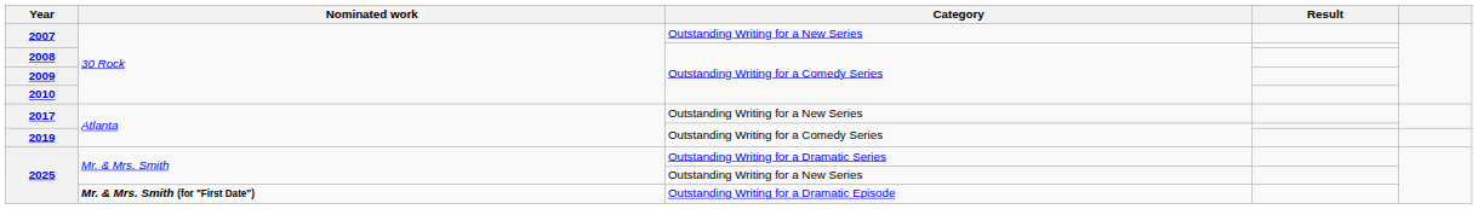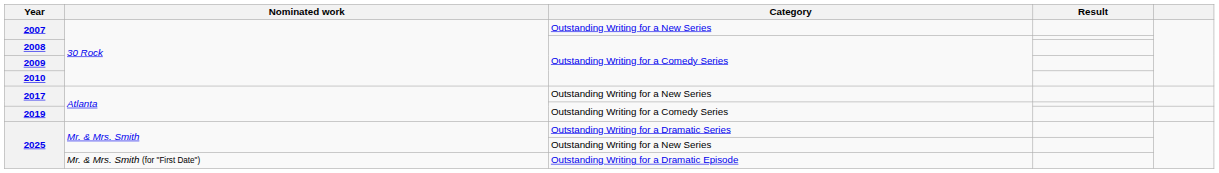 <table class="wikitable plainrowheaders" style="width:100%;">
 <tr>
 <th scope="col" style="width:5%;">Year</th>
 <th scope="col" style="width:40%;">Nominated work</th>
 <th scope="col" style="width:40%;">Category</th>
 <th scope="col" style="width:10%;">Result</th>
 <th scope="col" style="width:5%;"></th>
 </tr>
 <tr>
 <th scope="row" style="text-align:center;" rowspan="2"><a href='#'>2007</a></th>
 <td rowspan="5"><em><a href='#'>30 Rock</a></em></td>
 <td><a href='#'>Outstanding Writing for a New Series</a></td>
 <td></td>
 <td style="text-align:center;" rowspan="5"></td>
 </tr>
 <tr>
 <td rowspan="4"><a href='#'>Outstanding Writing for a Comedy Series</a></td>
 <td></td>
 </tr>
 <tr>
 <th scope="row" style="text-align:center;"><a href='#'>2008</a></th>
 <td></td>
 </tr>
 <tr>
 <th scope="row" style="text-align:center;"><a href='#'>2009</a></th>
 <td></td>
 </tr>
 <tr>
 <th scope="row" style="text-align:center;"><a href='#'>2010</a></th>
 <td></td>
 </tr>
 <tr>
 <th scope="row" style="text-align:center;" rowspan="2"><a href='#'>2017</a></th>
 <td rowspan="3"><em><a href='#'>Atlanta</a></em></td>
 <td>Outstanding Writing for a New Series</td>
 <td></td>
 <td style="text-align:center;" rowspan="2"></td>
 </tr>
 <tr>
 <td rowspan="2">Outstanding Writing for a Comedy Series</td>
 <td></td>
 </tr>
 <tr>
 <th scope="row" style="text-align:center;"><a href='#'>2019</a></th>
 <td></td>
 <td style="text-align:center;"></td>
 </tr>
 <tr>
 <th scope="row" style="text-align:center;" rowspan="3"><a href='#'>2025</a></th>
 <td rowspan="2"><em><a href='#'>Mr. & Mrs. Smith</a></em></td>
 <td><a href='#'>Outstanding Writing for a Dramatic Series</a></td>
 <td></td>
 <td style="text-align:center;" rowspan="3"></td>
 </tr>
 <tr>
 <td>Outstanding Writing for a New Series</td>
 <td></td>
 </tr>
 <tr>
-<td><strong><em>Mr. & Mrs. Smith</em> <small>(for "First Date")</small></strong></td>
+<td><em>Mr. & Mrs. Smith</em> <small>(for "First Date")</small></td>
 <td><a href='#'>Outstanding Writing for a Dramatic Episode</a></td>
 <td></td>
 </tr>
 </table>
